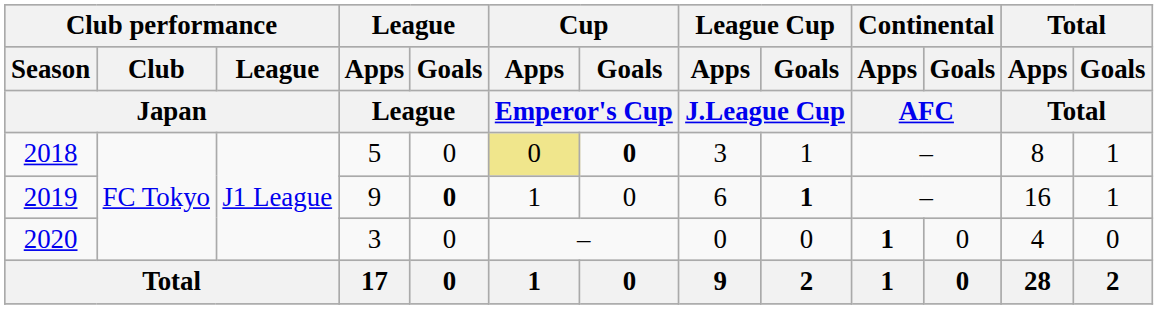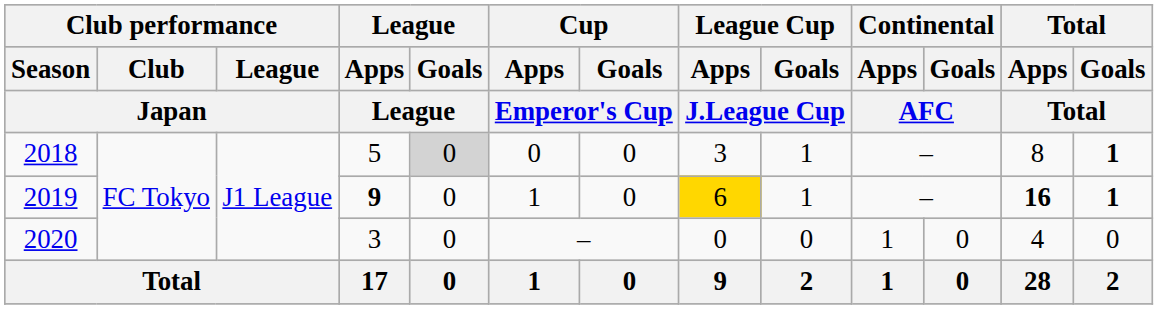 <table class="wikitable" style="text-align:center;">
 <tr>
 <th colspan=3>Club performance</th>
 <th colspan=2>League</th>
 <th colspan=2>Cup</th>
 <th colspan=2>League Cup</th>
 <th colspan=2>Continental</th>
 <th colspan=2>Total</th>
 </tr>
 <tr>
 <th>Season</th>
 <th>Club</th>
 <th>League</th>
 <th>Apps</th>
 <th>Goals</th>
 <th>Apps</th>
 <th>Goals</th>
 <th>Apps</th>
 <th>Goals</th>
 <th>Apps</th>
 <th>Goals</th>
 <th>Apps</th>
 <th>Goals</th>
 </tr>
 <tr>
 <th colspan=3>Japan</th>
 <th colspan=2>League</th>
 <th colspan=2><a href='#'>Emperor's Cup</a></th>
 <th colspan=2><a href='#'>J.League Cup</a></th>
 <th colspan=2><a href='#'>AFC</a></th>
 <th colspan=2>Total</th>
 </tr>
 <tr>
 <td><a href='#'>2018</a></td>
 <td rowspan="3"><a href='#'>FC Tokyo</a></td>
 <td rowspan="3"><a href='#'>J1 League</a></td>
 <td>5</td>
+<td style="background: lightgrey;">0</td>
 <td>0</td>
-<td style="background: khaki;">0</td>
-<td><strong>0</strong></td>
+<td>0</td>
 <td>3</td>
 <td>1</td>
 <td colspan="2">–</td>
 <td>8</td>
-<td>1</td>
+<td><strong>1</strong></td>
 </tr>
 <tr>
 <td><a href='#'>2019</a></td>
-<td>9</td>
-<td><strong>0</strong></td>
+<td><strong>9</strong></td>
+<td>0</td>
 <td>1</td>
 <td>0</td>
-<td>6</td>
+<td style="background: gold;">6</td>
+<td>1</td>
+<td colspan="2">–</td>
+<td><strong>16</strong></td>
 <td><strong>1</strong></td>
-<td colspan="2">–</td>
-<td>16</td>
-<td>1</td>
 </tr>
 <tr>
 <td><a href='#'>2020</a></td>
 <td>3</td>
 <td>0</td>
 <td colspan="2">–</td>
 <td>0</td>
 <td>0</td>
-<td><strong>1</strong></td>
+<td>1</td>
 <td>0</td>
 <td>4</td>
 <td>0</td>
 </tr>
 <tr>
 <th colspan=3>Total</th>
 <th>17</th>
 <th>0</th>
 <th>1</th>
 <th>0</th>
 <th>9</th>
 <th>2</th>
 <th>1</th>
 <th>0</th>
 <th>28</th>
 <th>2</th>
 </tr>
 </table>
